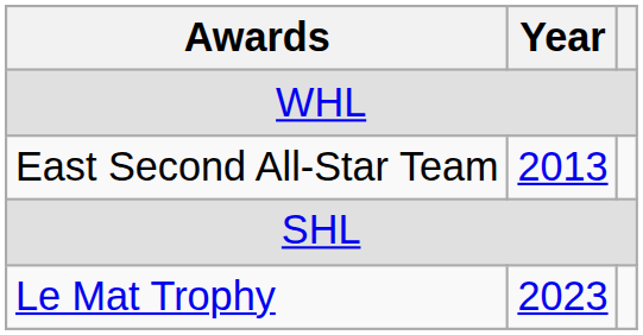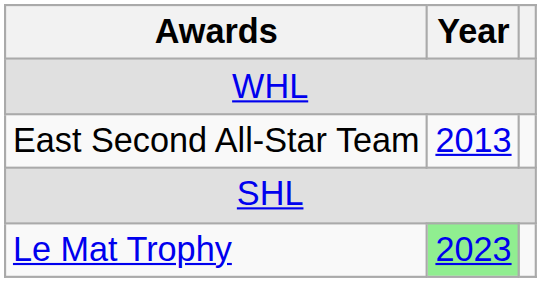 <table class="wikitable">
 <tr>
 <th>Awards</th>
 <th>Year</th>
 <th></th>
 </tr>
 <tr ALIGN="center" bgcolor="#e0e0e0">
 <td colspan="3"><a href='#'>WHL</a></td>
 </tr>
 <tr>
 <td>East Second All-Star Team</td>
 <td><a href='#'>2013</a></td>
 <td></td>
 </tr>
 <tr ALIGN="center" bgcolor="#e0e0e0">
 <td colspan="3"><a href='#'>SHL</a></td>
 </tr>
 <tr>
 <td><a href='#'>Le Mat Trophy</a></td>
-<td><a href='#'>2023</a></td>
+<td style="background: lightgreen;"><a href='#'>2023</a></td>
 <td></td>
 </tr>
 </table>
